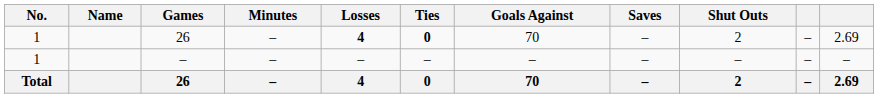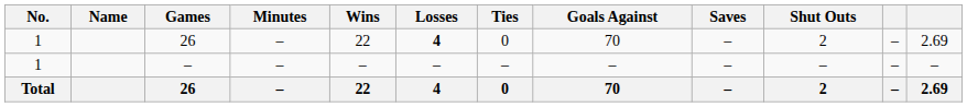 <table class="wikitable sortable" width ="1000">
 <tr align="center">
 <th><strong>No.</strong></th>
 <th><strong>Name</strong></th>
 <th><strong>Games</strong></th>
 <th><strong>Minutes</strong></th>
+<th><strong>Wins</strong></th>
 <th><strong>Losses</strong></th>
 <th><strong>Ties</strong></th>
 <th><strong>Goals Against</strong></th>
 <th><strong>Saves</strong></th>
 <th><strong>Shut Outs</strong></th>
 <th><strong><a href='#'></a></strong></th>
 <th><strong><a href='#'></a></strong></th>
 </tr>
 <tr align="center" bgcolor="">
 <td>1</td>
 <td></td>
 <td>26</td>
 <td>–</td>
+<td>22</td>
 <td><strong>4</strong></td>
-<td><strong>0</strong></td>
+<td>0</td>
 <td>70</td>
 <td>–</td>
 <td>2</td>
 <td>–</td>
 <td>2.69</td>
 </tr>
 <tr align="center" bgcolor="">
 <td>1</td>
 <td></td>
 <td>–</td>
 <td>–</td>
 <td>–</td>
 <td>–</td>
 <td>–</td>
 <td>–</td>
 <td>–</td>
 <td>–</td>
 <td>–</td>
+<td>–</td>
 </tr>
 <tr>
 <th>Total</th>
 <th></th>
 <th>26</th>
 <th>–</th>
+<th>22</th>
 <th>4</th>
 <th>0</th>
 <th>70</th>
 <th>–</th>
 <th>2</th>
 <th>–</th>
 <th>2.69</th>
 </tr>
 </table>
